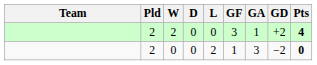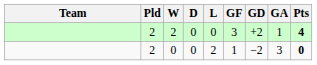 <table class="wikitable" style="text-align:center;">
 <tr>
 <th width=180>Team</th>
 <th width=20>Pld</th>
 <th width=20>W</th>
 <th width=20>D</th>
 <th width=20>L</th>
 <th width=20>GF</th>
+<th width=20>GD</th>
 <th width=20>GA</th>
-<th width=20>GD</th>
 <th width=20>Pts</th>
 </tr>
 <tr style="background:#cfc;">
 <td align="left"></td>
 <td>2</td>
 <td>2</td>
 <td>0</td>
 <td>0</td>
 <td>3</td>
+<td>+2</td>
 <td>1</td>
-<td>+2</td>
 <td><strong>4</strong></td>
 </tr>
 <tr>
 <td align="left"></td>
 <td>2</td>
 <td>0</td>
 <td>0</td>
 <td>2</td>
 <td>1</td>
+<td>−2</td>
 <td>3</td>
-<td>−2</td>
 <td><strong>0</strong></td>
 </tr>
 </table>
